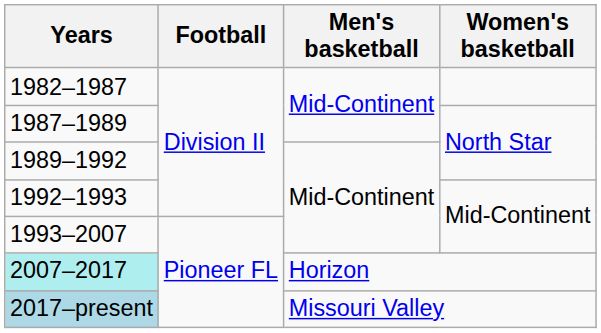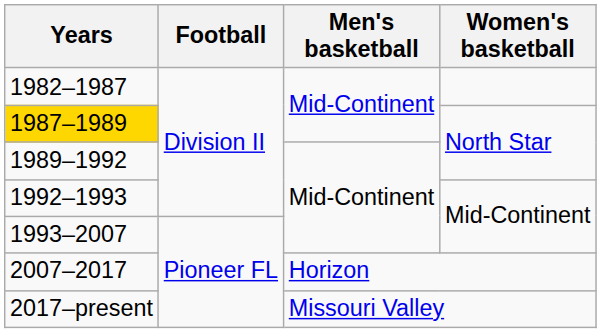 <table class="wikitable"; style= "text-align: ">
 <tr>
 <th width=px>Years</th>
 <th width=px>Football</th>
 <th width=px>Men's<br>basketball</th>
 <th width=px>Women's<br>basketball</th>
 </tr>
 <tr>
 <td>1982–1987</td>
 <td rowspan="4"><a href='#'>Division II</a></td>
 <td rowspan="2"><a href='#'>Mid-Continent</a></td>
 <td></td>
 </tr>
 <tr>
-<td>1987–1989</td>
+<td style="background: gold;">1987–1989</td>
 <td rowspan="2"><a href='#'>North Star</a></td>
 </tr>
 <tr>
 <td>1989–1992</td>
 <td rowspan="3">Mid-Continent</td>
 </tr>
 <tr>
 <td>1992–1993</td>
 <td rowspan="2">Mid-Continent</td>
 </tr>
 <tr>
 <td>1993–2007</td>
 <td rowspan="3"><a href='#'>Pioneer FL</a></td>
 </tr>
 <tr>
-<td style="background: paleturquoise;">2007–2017</td>
+<td>2007–2017</td>
 <td colspan="2"><a href='#'>Horizon</a></td>
 </tr>
 <tr>
-<td style="background: lightblue;">2017–present</td>
+<td>2017–present</td>
 <td colspan="2"><a href='#'>Missouri Valley</a></td>
 </tr>
 </table>
